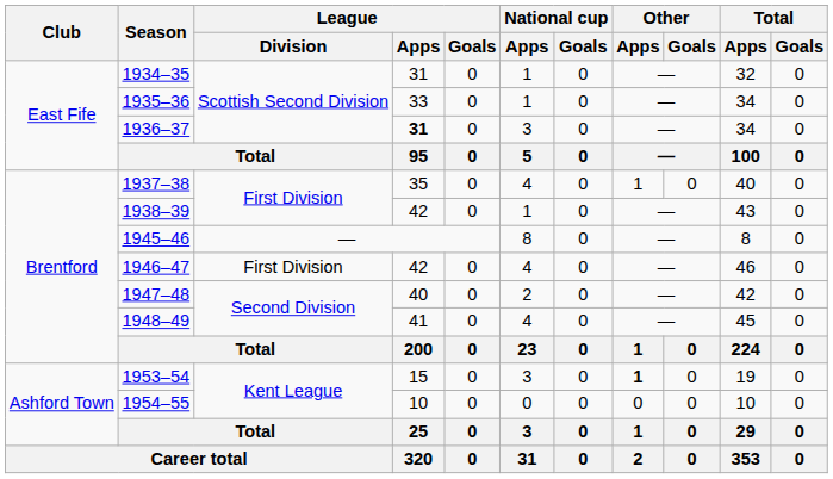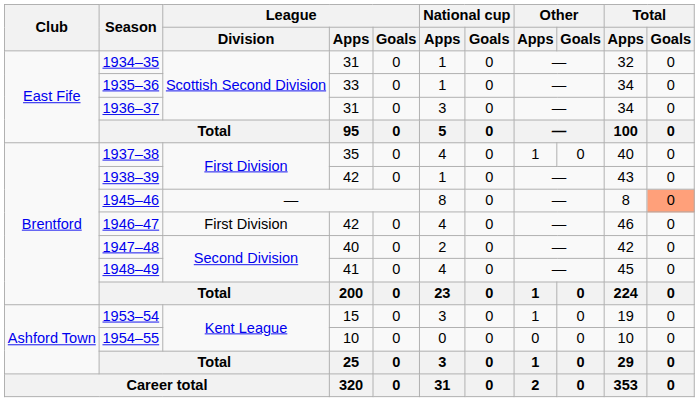 <table class="wikitable" style="text-align: center;">
 <tr>
 <th rowspan="2">Club</th>
 <th rowspan="2">Season</th>
 <th colspan="3">League</th>
 <th colspan="2">National cup</th>
 <th colspan="2">Other</th>
 <th colspan="2">Total</th>
 </tr>
 <tr>
 <th>Division</th>
 <th>Apps</th>
 <th>Goals</th>
 <th>Apps</th>
 <th>Goals</th>
 <th>Apps</th>
 <th>Goals</th>
 <th>Apps</th>
 <th>Goals</th>
 </tr>
 <tr>
 <td rowspan="4"><a href='#'>East Fife</a></td>
 <td><a href='#'>1934–35</a></td>
 <td rowspan="3"><a href='#'>Scottish Second Division</a></td>
 <td>31</td>
 <td>0</td>
 <td>1</td>
 <td>0</td>
 <td colspan="2"><em>—</em></td>
 <td>32</td>
 <td>0</td>
 </tr>
 <tr>
 <td><a href='#'>1935–36</a></td>
 <td>33</td>
 <td>0</td>
 <td>1</td>
 <td>0</td>
 <td colspan="2"><em>—</em></td>
 <td>34</td>
 <td>0</td>
 </tr>
 <tr>
 <td><a href='#'>1936–37</a></td>
-<td><strong>31</strong></td>
+<td>31</td>
 <td>0</td>
 <td>3</td>
 <td>0</td>
 <td colspan="2"><em>—</em></td>
 <td>34</td>
 <td>0</td>
 </tr>
 <tr>
 <th colspan="2">Total</th>
 <th>95</th>
 <th>0</th>
 <th>5</th>
 <th>0</th>
 <th colspan="2"><em>—</em></th>
 <th>100</th>
 <th>0</th>
 </tr>
 <tr>
 <td rowspan="7"><a href='#'>Brentford</a></td>
 <td><a href='#'>1937–38</a></td>
 <td rowspan="2"><a href='#'>First Division</a></td>
 <td>35</td>
 <td>0</td>
 <td>4</td>
 <td>0</td>
 <td>1</td>
 <td>0</td>
 <td>40</td>
 <td>0</td>
 </tr>
 <tr>
 <td><a href='#'>1938–39</a></td>
 <td>42</td>
 <td>0</td>
 <td>1</td>
 <td>0</td>
 <td colspan="2"><em>—</em></td>
 <td>43</td>
 <td>0</td>
 </tr>
 <tr>
 <td><a href='#'>1945–46</a></td>
 <td colspan="3"><em>—</em></td>
 <td>8</td>
 <td>0</td>
 <td colspan="2"><em>—</em></td>
 <td>8</td>
-<td>0</td>
+<td style="background: lightsalmon;">0</td>
 </tr>
 <tr>
 <td><a href='#'>1946–47</a></td>
 <td>First Division</td>
 <td>42</td>
 <td>0</td>
 <td>4</td>
 <td>0</td>
 <td colspan="2"><em>—</em></td>
 <td>46</td>
 <td>0</td>
 </tr>
 <tr>
 <td><a href='#'>1947–48</a></td>
 <td rowspan="2"><a href='#'>Second Division</a></td>
 <td>40</td>
 <td>0</td>
 <td>2</td>
 <td>0</td>
 <td colspan="2"><em>—</em></td>
 <td>42</td>
 <td>0</td>
 </tr>
 <tr>
 <td><a href='#'>1948–49</a></td>
 <td>41</td>
 <td>0</td>
 <td>4</td>
 <td>0</td>
 <td colspan="2"><em>—</em></td>
 <td>45</td>
 <td>0</td>
 </tr>
 <tr>
 <th colspan="2">Total</th>
 <th>200</th>
 <th>0</th>
 <th>23</th>
 <th>0</th>
 <th>1</th>
 <th>0</th>
 <th>224</th>
 <th>0</th>
 </tr>
 <tr>
 <td rowspan="3"><a href='#'>Ashford Town</a></td>
 <td><a href='#'>1953–54</a></td>
 <td rowspan="2"><a href='#'>Kent League</a></td>
 <td>15</td>
 <td>0</td>
 <td>3</td>
 <td>0</td>
-<td><strong>1</strong></td>
+<td>1</td>
 <td>0</td>
 <td>19</td>
 <td>0</td>
 </tr>
 <tr>
 <td><a href='#'>1954–55</a></td>
 <td>10</td>
 <td>0</td>
 <td>0</td>
 <td>0</td>
 <td>0</td>
 <td>0</td>
 <td>10</td>
 <td>0</td>
 </tr>
 <tr>
 <th colspan="2">Total</th>
 <th>25</th>
 <th>0</th>
 <th>3</th>
 <th>0</th>
 <th>1</th>
 <th>0</th>
 <th>29</th>
 <th>0</th>
 </tr>
 <tr>
 <th colspan="3">Career total</th>
 <th>320</th>
 <th>0</th>
 <th>31</th>
 <th>0</th>
 <th>2</th>
 <th>0</th>
 <th>353</th>
 <th>0</th>
 </tr>
 </table>
